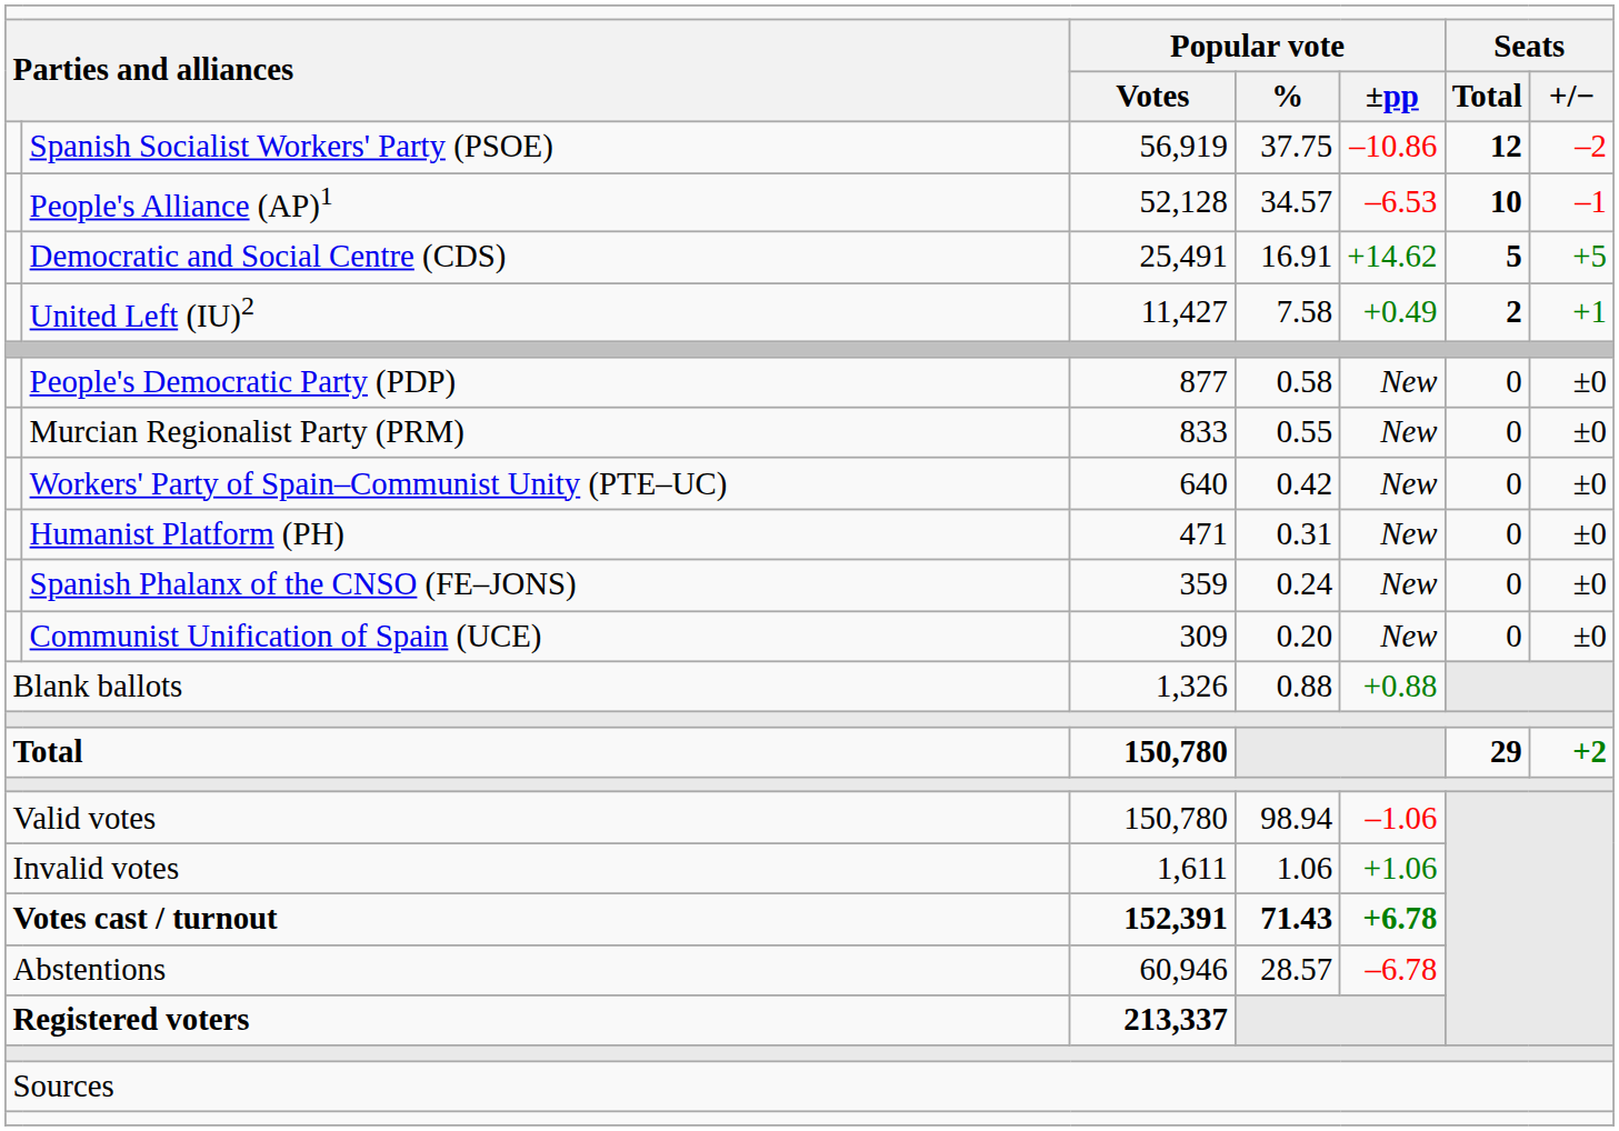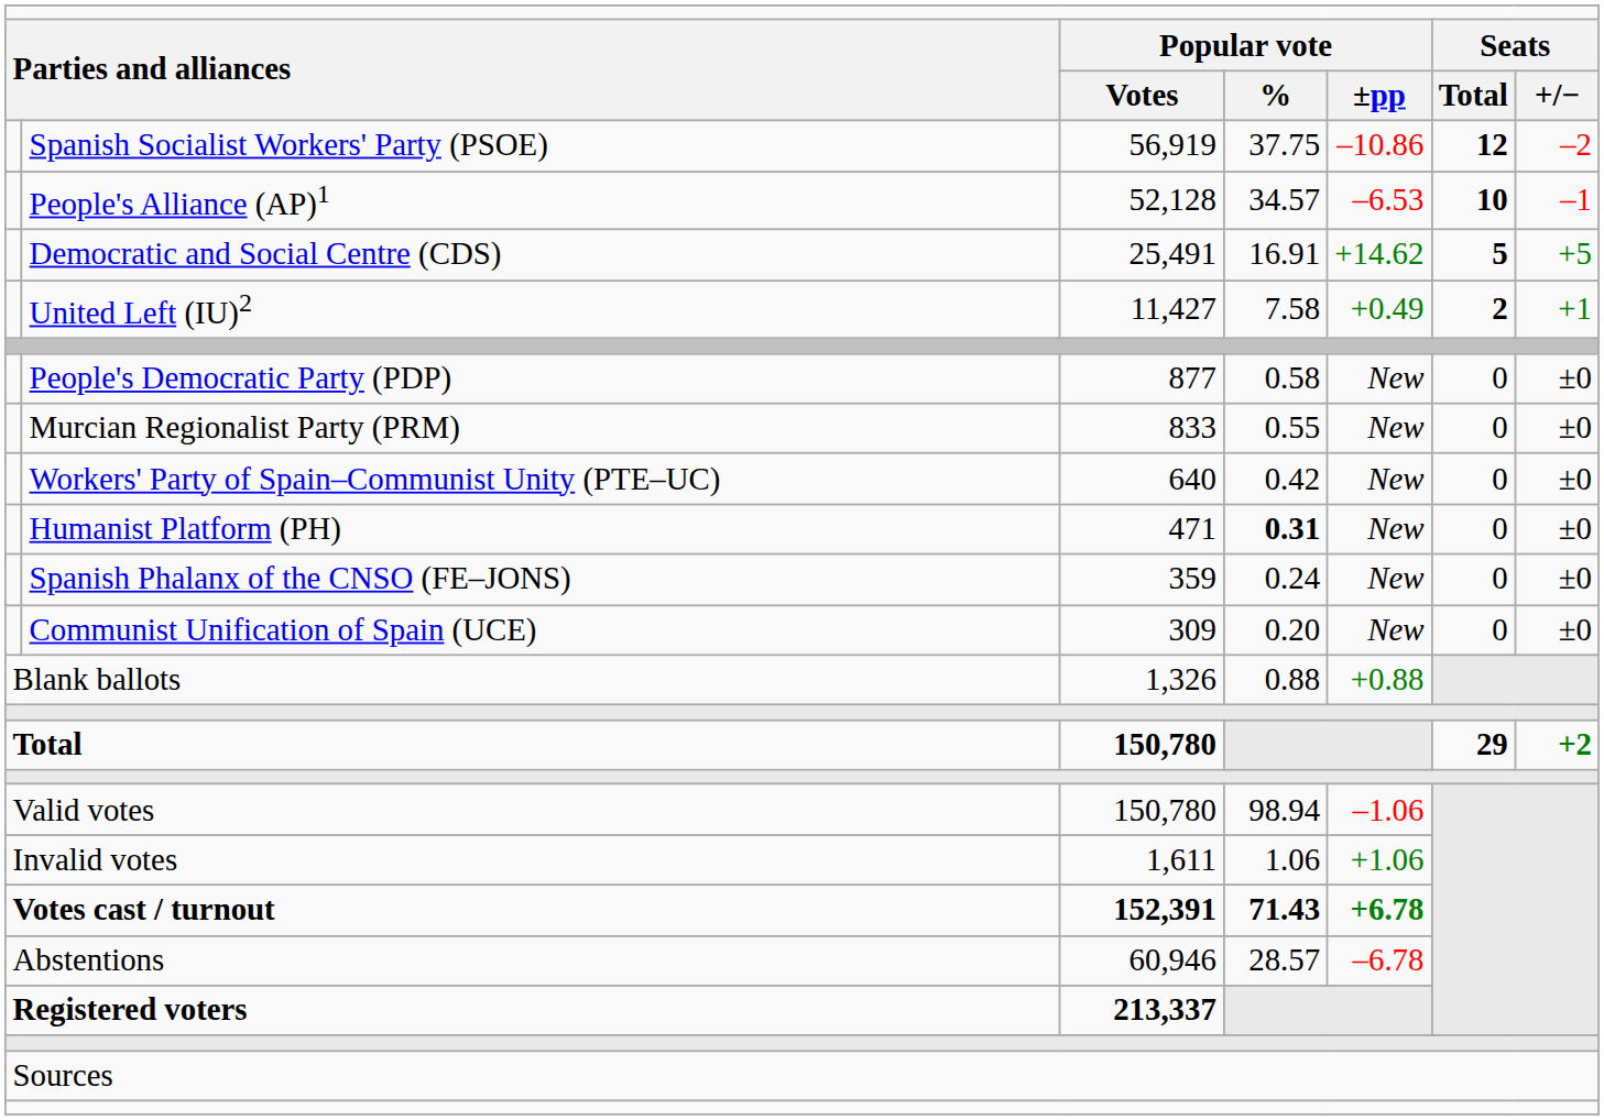 <table class="wikitable" style="text-align:right;">
 <tr>
 <td colspan="7"></td>
 </tr>
 <tr>
 <th style="text-align:left;" rowspan="2" colspan="2" width="525">Parties and alliances</th>
 <th colspan="3">Popular vote</th>
 <th colspan="2">Seats</th>
 </tr>
 <tr>
 <th width="75">Votes</th>
 <th width="45">%</th>
 <th width="45">±<a href='#'>pp</a></th>
 <th width="35">Total</th>
 <th width="35">+/−</th>
 </tr>
 <tr>
 <td width="1" style="color:inherit;background:"></td>
 <td align="left"><a href='#'>Spanish Socialist Workers' Party</a> (PSOE)</td>
 <td>56,919</td>
 <td>37.75</td>
 <td style="color:red;">–10.86</td>
 <td><strong>12</strong></td>
 <td style="color:red;">–2</td>
 </tr>
 <tr>
 <td style="color:inherit;background:"></td>
 <td align="left"><a href='#'>People's Alliance</a> (AP)<sup>1</sup></td>
 <td>52,128</td>
 <td>34.57</td>
 <td style="color:red;">–6.53</td>
 <td><strong>10</strong></td>
 <td style="color:red;">–1</td>
 </tr>
 <tr>
 <td style="color:inherit;background:"></td>
 <td align="left"><a href='#'>Democratic and Social Centre</a> (CDS)</td>
 <td>25,491</td>
 <td>16.91</td>
 <td style="color:green;">+14.62</td>
 <td><strong>5</strong></td>
 <td style="color:green;">+5</td>
 </tr>
 <tr>
 <td style="color:inherit;background:"></td>
 <td align="left"><a href='#'>United Left</a> (IU)<sup>2</sup></td>
 <td>11,427</td>
 <td>7.58</td>
 <td style="color:green;">+0.49</td>
 <td><strong>2</strong></td>
 <td style="color:green;">+1</td>
 </tr>
 <tr>
 <td colspan="7" bgcolor="#C0C0C0"></td>
 </tr>
 <tr>
 <td style="color:inherit;background:"></td>
 <td align="left"><a href='#'>People's Democratic Party</a> (PDP)</td>
 <td>877</td>
 <td>0.58</td>
 <td><em>New</em></td>
 <td>0</td>
 <td>±0</td>
 </tr>
 <tr>
 <td style="color:inherit;background:"></td>
 <td align="left">Murcian Regionalist Party (PRM)</td>
 <td>833</td>
 <td>0.55</td>
 <td><em>New</em></td>
 <td>0</td>
 <td>±0</td>
 </tr>
 <tr>
 <td style="color:inherit;background:"></td>
 <td align="left"><a href='#'>Workers' Party of Spain–Communist Unity</a> (PTE–UC)</td>
 <td>640</td>
 <td>0.42</td>
 <td><em>New</em></td>
 <td>0</td>
 <td>±0</td>
 </tr>
 <tr>
 <td style="color:inherit;background:"></td>
 <td align="left"><a href='#'>Humanist Platform</a> (PH)</td>
 <td>471</td>
-<td>0.31</td>
+<td><strong>0.31</strong></td>
 <td><em>New</em></td>
 <td>0</td>
 <td>±0</td>
 </tr>
 <tr>
 <td style="color:inherit;background:"></td>
 <td align="left"><a href='#'>Spanish Phalanx of the CNSO</a> (FE–JONS)</td>
 <td>359</td>
 <td>0.24</td>
 <td><em>New</em></td>
 <td>0</td>
 <td>±0</td>
 </tr>
 <tr>
 <td style="color:inherit;background:"></td>
 <td align="left"><a href='#'>Communist Unification of Spain</a> (UCE)</td>
 <td>309</td>
 <td>0.20</td>
 <td><em>New</em></td>
 <td>0</td>
 <td>±0</td>
 </tr>
 <tr>
 <td align="left" colspan="2">Blank ballots</td>
 <td>1,326</td>
 <td>0.88</td>
 <td style="color:green;">+0.88</td>
 <td bgcolor="#E9E9E9" colspan="2"></td>
 </tr>
 <tr>
 <td colspan="7" bgcolor="#E9E9E9"></td>
 </tr>
 <tr style="font-weight:bold;">
 <td align="left" colspan="2">Total</td>
 <td>150,780</td>
 <td bgcolor="#E9E9E9" colspan="2"></td>
 <td>29</td>
 <td style="color:green;">+2</td>
 </tr>
 <tr>
 <td colspan="7" bgcolor="#E9E9E9"></td>
 </tr>
 <tr>
 <td align="left" colspan="2">Valid votes</td>
 <td>150,780</td>
 <td>98.94</td>
 <td style="color:red;">–1.06</td>
 <td bgcolor="#E9E9E9" colspan="2" rowspan="5"></td>
 </tr>
 <tr>
 <td align="left" colspan="2">Invalid votes</td>
 <td>1,611</td>
 <td>1.06</td>
 <td style="color:green;">+1.06</td>
 </tr>
 <tr style="font-weight:bold;">
 <td align="left" colspan="2">Votes cast / turnout</td>
 <td>152,391</td>
 <td>71.43</td>
 <td style="color:green;">+6.78</td>
 </tr>
 <tr>
 <td align="left" colspan="2">Abstentions</td>
 <td>60,946</td>
 <td>28.57</td>
 <td style="color:red;">–6.78</td>
 </tr>
 <tr style="font-weight:bold;">
 <td align="left" colspan="2">Registered voters</td>
 <td>213,337</td>
 <td bgcolor="#E9E9E9" colspan="2"></td>
 </tr>
 <tr>
 <td colspan="7" bgcolor="#E9E9E9"></td>
 </tr>
 <tr>
 <td align="left" colspan="7">Sources</td>
 </tr>
 <tr>
 <td colspan="7" style="text-align:left; max-width:790px;"></td>
 </tr>
 </table>
